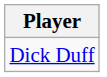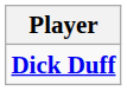 <table class="wikitable">
 <tr>
 <th>Player</th>
 </tr>
 <tr>
-<td><a href='#'>Dick Duff</a></td>
+<td><strong><a href='#'>Dick Duff</a></strong></td>
 </tr>
 </table>
